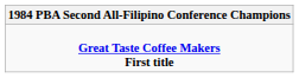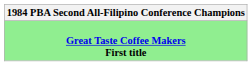 <table class=wikitable style="text-align:center; margin:auto">
 <tr>
 <th>1984 PBA Second All-Filipino Conference Champions</th>
 </tr>
 <tr>
-<td><br> <strong><a href='#'>Great Taste Coffee Makers</a></strong> <br> <strong>First title</strong></td>
+<td style="background: lightgreen;"><br> <strong><a href='#'>Great Taste Coffee Makers</a></strong> <br> <strong>First title</strong></td>
 </tr>
 </table>
